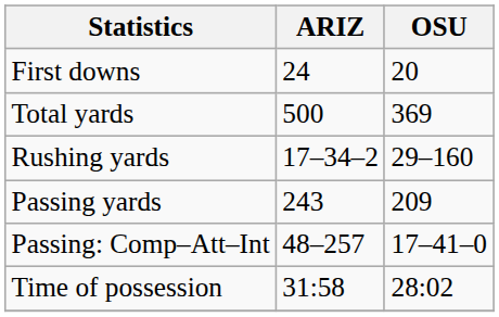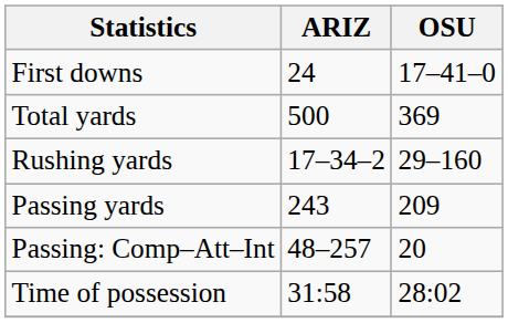 <table class="wikitable" style="float: left;">
 <tr>
 <th>Statistics</th>
 <th>ARIZ</th>
 <th>OSU</th>
 </tr>
 <tr>
 <td>First downs</td>
 <td>24</td>
-<td>20</td>
+<td>17–41–0</td>
 </tr>
 <tr>
 <td>Total yards</td>
 <td>500</td>
 <td>369</td>
 </tr>
 <tr>
 <td>Rushing yards</td>
 <td>17–34–2</td>
 <td>29–160</td>
 </tr>
 <tr>
 <td>Passing yards</td>
 <td>243</td>
 <td>209</td>
 </tr>
 <tr>
 <td>Passing: Comp–Att–Int</td>
 <td>48–257</td>
-<td>17–41–0</td>
+<td>20</td>
 </tr>
 <tr>
 <td>Time of possession</td>
 <td>31:58</td>
 <td>28:02</td>
 </tr>
 <tr>
 </tr>
 </table>
